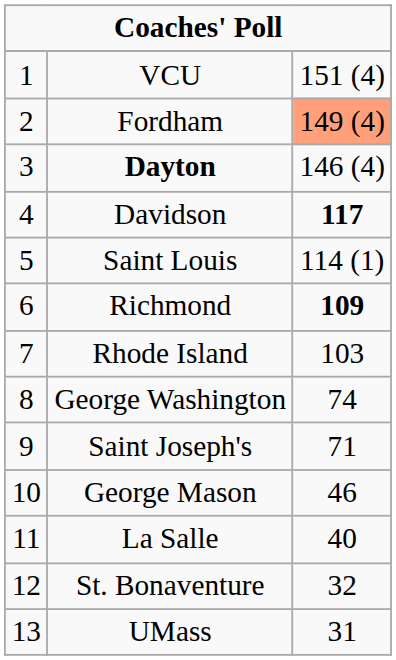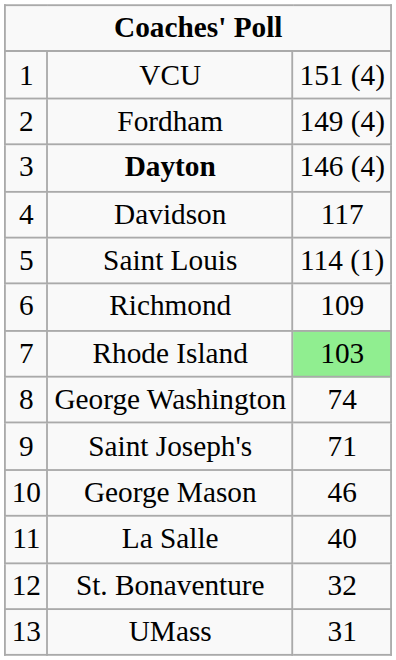 <table class="wikitable" style="display: inline-table;">
 <tr>
 <td align="center" Colspan="3"><strong>Coaches' Poll</strong></td>
 </tr>
 <tr align="center">
 </tr>
 <tr align="center">
 <td>1</td>
 <td>VCU</td>
 <td>151 (4)</td>
 </tr>
 <tr align="center">
 <td>2</td>
 <td>Fordham</td>
-<td style="background: lightsalmon;">149 (4)</td>
+<td>149 (4)</td>
 </tr>
 <tr align="center">
 <td>3</td>
 <td><strong>Dayton</strong></td>
 <td>146 (4)</td>
 </tr>
 <tr align="center">
 <td>4</td>
 <td>Davidson</td>
-<td><strong>117</strong></td>
+<td>117</td>
 </tr>
 <tr align="center">
 <td>5</td>
 <td>Saint Louis</td>
 <td>114 (1)</td>
 </tr>
 <tr align="center">
 <td>6</td>
 <td>Richmond</td>
-<td><strong>109</strong></td>
+<td>109</td>
 </tr>
 <tr align="center">
 <td>7</td>
 <td>Rhode Island</td>
-<td>103</td>
+<td style="background: lightgreen;">103</td>
 </tr>
 <tr align="center">
 <td>8</td>
 <td>George Washington</td>
 <td>74</td>
 </tr>
 <tr align="center">
 <td>9</td>
 <td>Saint Joseph's</td>
 <td>71</td>
 </tr>
 <tr align="center">
 <td>10</td>
 <td>George Mason</td>
 <td>46</td>
 </tr>
 <tr align="center">
 <td>11</td>
 <td>La Salle</td>
 <td>40</td>
 </tr>
 <tr align="center">
 <td>12</td>
 <td>St. Bonaventure</td>
 <td>32</td>
 </tr>
 <tr align="center">
 <td>13</td>
 <td>UMass</td>
 <td>31</td>
 </tr>
 </table>
